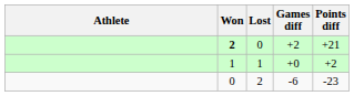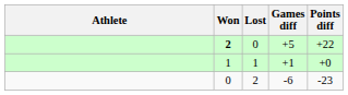 <table class="wikitable">
 <tr>
 <th style="width:18em">Athlete</th>
 <th>Won</th>
 <th>Lost</th>
 <th>Games<br>diff</th>
 <th>Points<br>diff</th>
 </tr>
 <tr bgcolor="#ccffcc">
 <td></td>
 <td align="center"><strong>2</strong></td>
 <td align="center">0</td>
-<td align="center">+2</td>
-<td align="center">+21</td>
+<td align="center">+5</td>
+<td align="center">+22</td>
 </tr>
 <tr bgcolor="#ccffcc">
 <td></td>
 <td align="center">1</td>
 <td align="center">1</td>
+<td align="center">+1</td>
 <td align="center">+0</td>
-<td align="center">+2</td>
 </tr>
 <tr>
 <td></td>
 <td align="center">0</td>
 <td align="center">2</td>
 <td align="center">-6</td>
 <td align="center">-23</td>
 </tr>
 </table>
